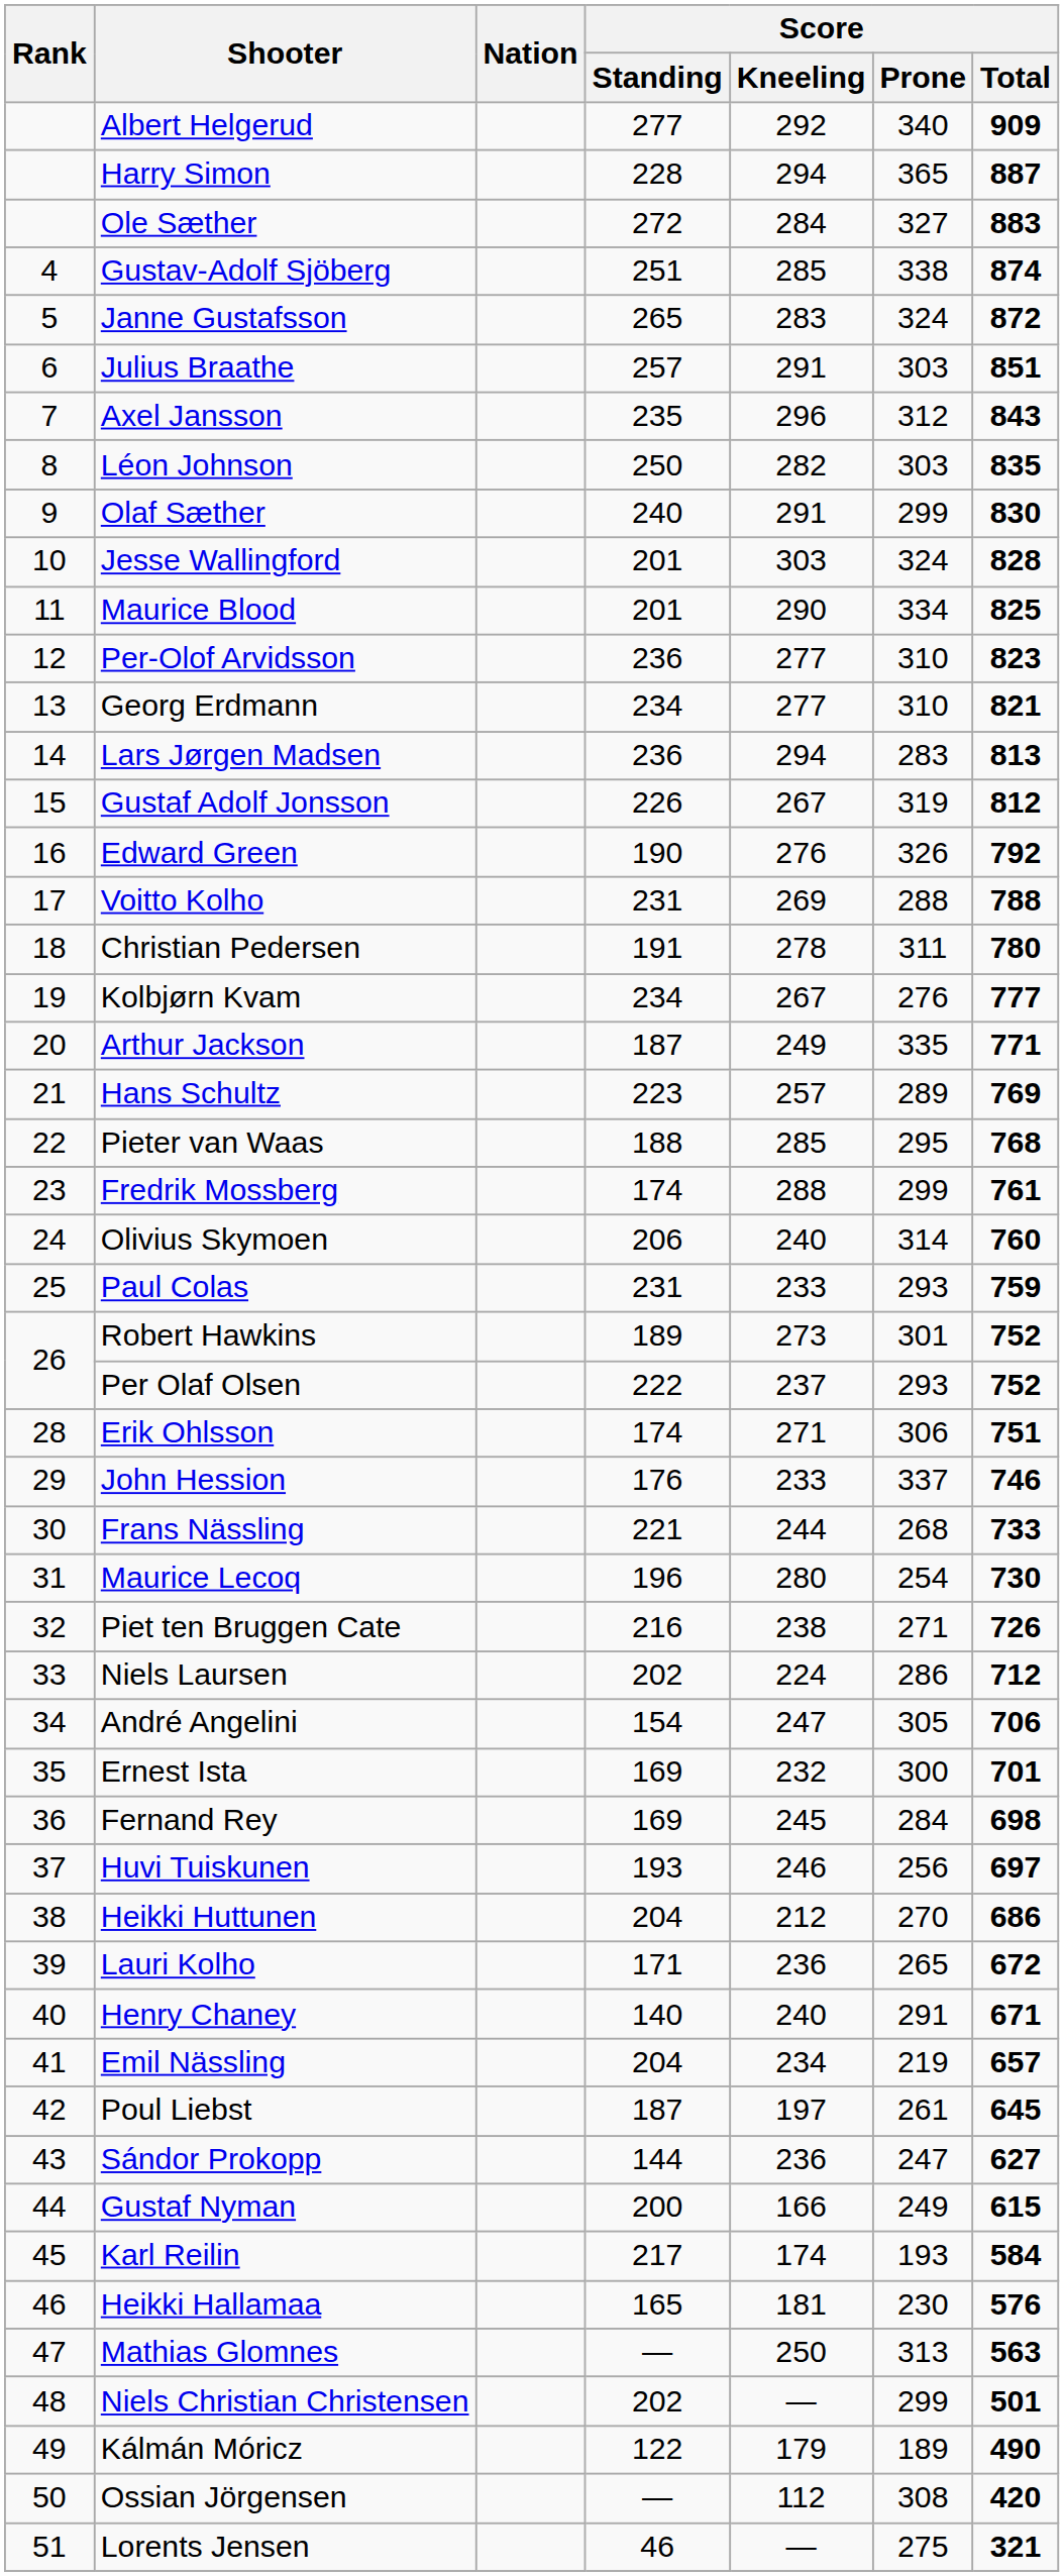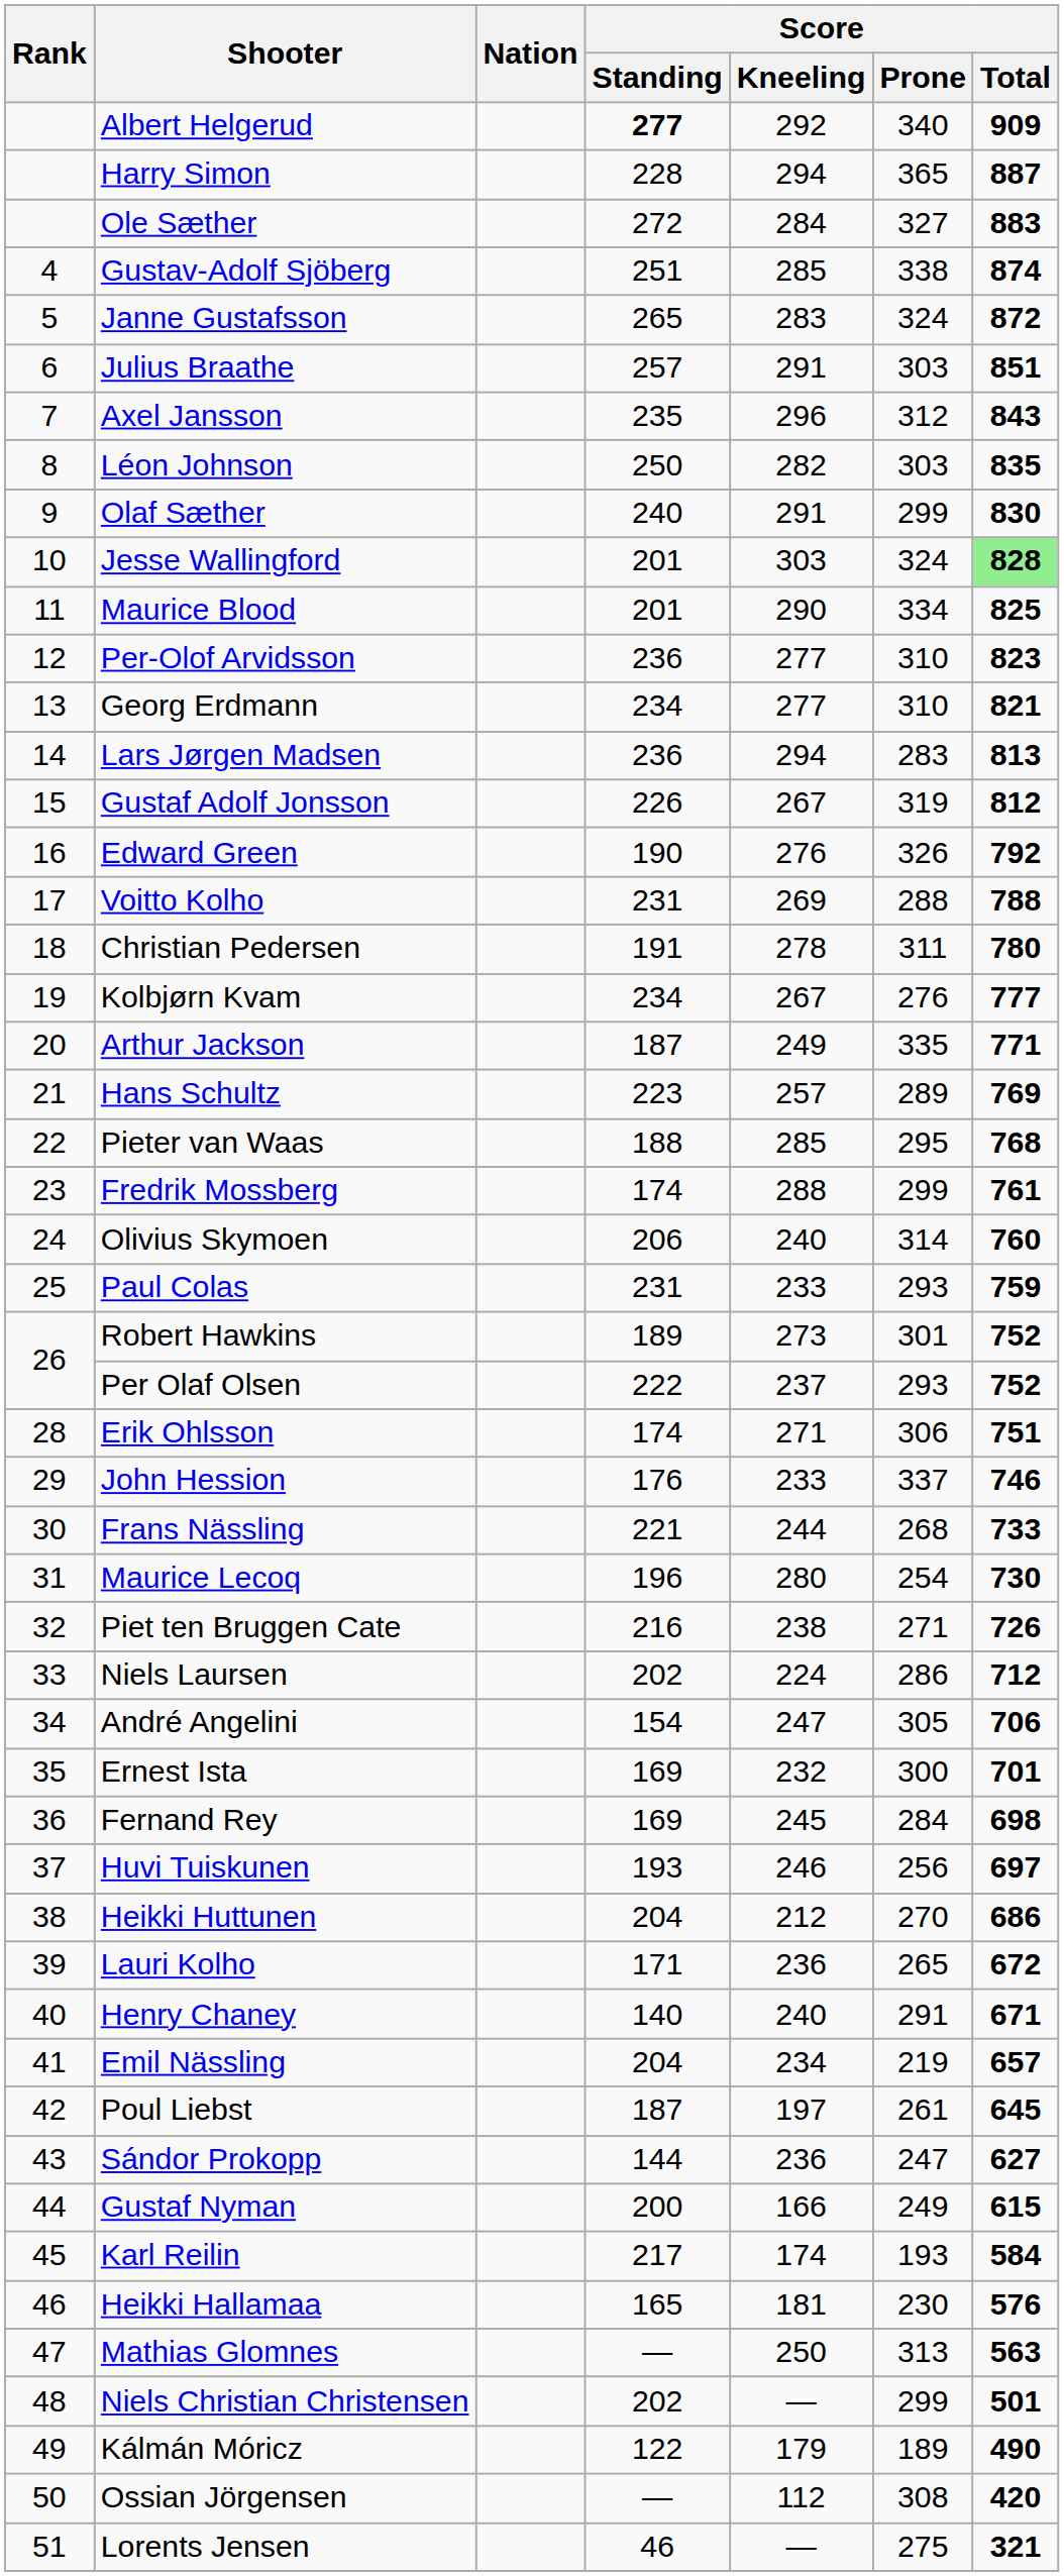 <table class="wikitable sortable" style="text-align:center">
 <tr>
 <th rowspan=2>Rank</th>
 <th rowspan=2>Shooter</th>
 <th rowspan=2>Nation</th>
 <th colspan=4>Score</th>
 </tr>
 <tr>
 <th>Standing</th>
 <th>Kneeling</th>
 <th>Prone</th>
 <th>Total</th>
 </tr>
 <tr>
 <td></td>
 <td align=left><a href='#'>Albert Helgerud</a></td>
 <td align=left></td>
-<td>277</td>
+<td><strong>277</strong></td>
 <td>292</td>
 <td>340</td>
 <td><strong>909</strong></td>
 </tr>
 <tr>
 <td></td>
 <td align=left><a href='#'>Harry Simon</a></td>
 <td align=left></td>
 <td>228</td>
 <td>294</td>
 <td>365</td>
 <td><strong>887</strong></td>
 </tr>
 <tr>
 <td></td>
 <td align=left><a href='#'>Ole Sæther</a></td>
 <td align=left></td>
 <td>272</td>
 <td>284</td>
 <td>327</td>
 <td><strong>883</strong></td>
 </tr>
 <tr>
 <td>4</td>
 <td align=left><a href='#'>Gustav-Adolf Sjöberg</a></td>
 <td align=left></td>
 <td>251</td>
 <td>285</td>
 <td>338</td>
 <td><strong>874</strong></td>
 </tr>
 <tr>
 <td>5</td>
 <td align=left><a href='#'>Janne Gustafsson</a></td>
 <td align=left></td>
 <td>265</td>
 <td>283</td>
 <td>324</td>
 <td><strong>872</strong></td>
 </tr>
 <tr>
 <td>6</td>
 <td align=left><a href='#'>Julius Braathe</a></td>
 <td align=left></td>
 <td>257</td>
 <td>291</td>
 <td>303</td>
 <td><strong>851</strong></td>
 </tr>
 <tr>
 <td>7</td>
 <td align=left><a href='#'>Axel Jansson</a></td>
 <td align=left></td>
 <td>235</td>
 <td>296</td>
 <td>312</td>
 <td><strong>843</strong></td>
 </tr>
 <tr>
 <td>8</td>
 <td align=left><a href='#'>Léon Johnson</a></td>
 <td align=left></td>
 <td>250</td>
 <td>282</td>
 <td>303</td>
 <td><strong>835</strong></td>
 </tr>
 <tr>
 <td>9</td>
 <td align=left><a href='#'>Olaf Sæther</a></td>
 <td align=left></td>
 <td>240</td>
 <td>291</td>
 <td>299</td>
 <td><strong>830</strong></td>
 </tr>
 <tr>
 <td>10</td>
 <td align=left><a href='#'>Jesse Wallingford</a></td>
 <td align=left></td>
 <td>201</td>
 <td>303</td>
 <td>324</td>
-<td><strong>828</strong></td>
+<td style="background: lightgreen;"><strong>828</strong></td>
 </tr>
 <tr>
 <td>11</td>
 <td align=left><a href='#'>Maurice Blood</a></td>
 <td align=left></td>
 <td>201</td>
 <td>290</td>
 <td>334</td>
 <td><strong>825</strong></td>
 </tr>
 <tr>
 <td>12</td>
 <td align=left><a href='#'>Per-Olof Arvidsson</a></td>
 <td align=left></td>
 <td>236</td>
 <td>277</td>
 <td>310</td>
 <td><strong>823</strong></td>
 </tr>
 <tr>
 <td>13</td>
 <td align=left>Georg Erdmann</td>
 <td align=left></td>
 <td>234</td>
 <td>277</td>
 <td>310</td>
 <td><strong>821</strong></td>
 </tr>
 <tr>
 <td>14</td>
 <td align=left><a href='#'>Lars Jørgen Madsen</a></td>
 <td align=left></td>
 <td>236</td>
 <td>294</td>
 <td>283</td>
 <td><strong>813</strong></td>
 </tr>
 <tr>
 <td>15</td>
 <td align=left><a href='#'>Gustaf Adolf Jonsson</a></td>
 <td align=left></td>
 <td>226</td>
 <td>267</td>
 <td>319</td>
 <td><strong>812</strong></td>
 </tr>
 <tr>
 <td>16</td>
 <td align=left><a href='#'>Edward Green</a></td>
 <td align=left></td>
 <td>190</td>
 <td>276</td>
 <td>326</td>
 <td><strong>792</strong></td>
 </tr>
 <tr>
 <td>17</td>
 <td align=left><a href='#'>Voitto Kolho</a></td>
 <td align=left></td>
 <td>231</td>
 <td>269</td>
 <td>288</td>
 <td><strong>788</strong></td>
 </tr>
 <tr>
 <td>18</td>
 <td align=left>Christian Pedersen</td>
 <td align=left></td>
 <td>191</td>
 <td>278</td>
 <td>311</td>
 <td><strong>780</strong></td>
 </tr>
 <tr>
 <td>19</td>
 <td align=left>Kolbjørn Kvam</td>
 <td align=left></td>
 <td>234</td>
 <td>267</td>
 <td>276</td>
 <td><strong>777</strong></td>
 </tr>
 <tr>
 <td>20</td>
 <td align=left><a href='#'>Arthur Jackson</a></td>
 <td align=left></td>
 <td>187</td>
 <td>249</td>
 <td>335</td>
 <td><strong>771</strong></td>
 </tr>
 <tr>
 <td>21</td>
 <td align=left><a href='#'>Hans Schultz</a></td>
 <td align=left></td>
 <td>223</td>
 <td>257</td>
 <td>289</td>
 <td><strong>769</strong></td>
 </tr>
 <tr>
 <td>22</td>
 <td align=left>Pieter van Waas</td>
 <td align=left></td>
 <td>188</td>
 <td>285</td>
 <td>295</td>
 <td><strong>768</strong></td>
 </tr>
 <tr>
 <td>23</td>
 <td align=left><a href='#'>Fredrik Mossberg</a></td>
 <td align=left></td>
 <td>174</td>
 <td>288</td>
 <td>299</td>
 <td><strong>761</strong></td>
 </tr>
 <tr>
 <td>24</td>
 <td align=left>Olivius Skymoen</td>
 <td align=left></td>
 <td>206</td>
 <td>240</td>
 <td>314</td>
 <td><strong>760</strong></td>
 </tr>
 <tr>
 <td>25</td>
 <td align=left><a href='#'>Paul Colas</a></td>
 <td align=left></td>
 <td>231</td>
 <td>233</td>
 <td>293</td>
 <td><strong>759</strong></td>
 </tr>
 <tr>
 <td rowspan=2>26</td>
 <td align=left>Robert Hawkins</td>
 <td align=left></td>
 <td>189</td>
 <td>273</td>
 <td>301</td>
 <td><strong>752</strong></td>
 </tr>
 <tr>
 <td align=left>Per Olaf Olsen</td>
 <td align=left></td>
 <td>222</td>
 <td>237</td>
 <td>293</td>
 <td><strong>752</strong></td>
 </tr>
 <tr>
 <td>28</td>
 <td align=left><a href='#'>Erik Ohlsson</a></td>
 <td align=left></td>
 <td>174</td>
 <td>271</td>
 <td>306</td>
 <td><strong>751</strong></td>
 </tr>
 <tr>
 <td>29</td>
 <td align=left><a href='#'>John Hession</a></td>
 <td align=left></td>
 <td>176</td>
 <td>233</td>
 <td>337</td>
 <td><strong>746</strong></td>
 </tr>
 <tr>
 <td>30</td>
 <td align=left><a href='#'>Frans Nässling</a></td>
 <td align=left></td>
 <td>221</td>
 <td>244</td>
 <td>268</td>
 <td><strong>733</strong></td>
 </tr>
 <tr>
 <td>31</td>
 <td align=left><a href='#'>Maurice Lecoq</a></td>
 <td align=left></td>
 <td>196</td>
 <td>280</td>
 <td>254</td>
 <td><strong>730</strong></td>
 </tr>
 <tr>
 <td>32</td>
 <td align=left>Piet ten Bruggen Cate</td>
 <td align=left></td>
 <td>216</td>
 <td>238</td>
 <td>271</td>
 <td><strong>726</strong></td>
 </tr>
 <tr>
 <td>33</td>
 <td align=left>Niels Laursen</td>
 <td align=left></td>
 <td>202</td>
 <td>224</td>
 <td>286</td>
 <td><strong>712</strong></td>
 </tr>
 <tr>
 <td>34</td>
 <td align=left>André Angelini</td>
 <td align=left></td>
 <td>154</td>
 <td>247</td>
 <td>305</td>
 <td><strong>706</strong></td>
 </tr>
 <tr>
 <td>35</td>
 <td align=left>Ernest Ista</td>
 <td align=left></td>
 <td>169</td>
 <td>232</td>
 <td>300</td>
 <td><strong>701</strong></td>
 </tr>
 <tr>
 <td>36</td>
 <td align=left>Fernand Rey</td>
 <td align=left></td>
 <td>169</td>
 <td>245</td>
 <td>284</td>
 <td><strong>698</strong></td>
 </tr>
 <tr>
 <td>37</td>
 <td align=left><a href='#'>Huvi Tuiskunen</a></td>
 <td align=left></td>
 <td>193</td>
 <td>246</td>
 <td>256</td>
 <td><strong>697</strong></td>
 </tr>
 <tr>
 <td>38</td>
 <td align=left><a href='#'>Heikki Huttunen</a></td>
 <td align=left></td>
 <td>204</td>
 <td>212</td>
 <td>270</td>
 <td><strong>686</strong></td>
 </tr>
 <tr>
 <td>39</td>
 <td align=left><a href='#'>Lauri Kolho</a></td>
 <td align=left></td>
 <td>171</td>
 <td>236</td>
 <td>265</td>
 <td><strong>672</strong></td>
 </tr>
 <tr>
 <td>40</td>
 <td align=left><a href='#'>Henry Chaney</a></td>
 <td align=left></td>
 <td>140</td>
 <td>240</td>
 <td>291</td>
 <td><strong>671</strong></td>
 </tr>
 <tr>
 <td>41</td>
 <td align=left><a href='#'>Emil Nässling</a></td>
 <td align=left></td>
 <td>204</td>
 <td>234</td>
 <td>219</td>
 <td><strong>657</strong></td>
 </tr>
 <tr>
 <td>42</td>
 <td align=left>Poul Liebst</td>
 <td align=left></td>
 <td>187</td>
 <td>197</td>
 <td>261</td>
 <td><strong>645</strong></td>
 </tr>
 <tr>
 <td>43</td>
 <td align=left><a href='#'>Sándor Prokopp</a></td>
 <td align=left></td>
 <td>144</td>
 <td>236</td>
 <td>247</td>
 <td><strong>627</strong></td>
 </tr>
 <tr>
 <td>44</td>
 <td align=left><a href='#'>Gustaf Nyman</a></td>
 <td align=left></td>
 <td>200</td>
 <td>166</td>
 <td>249</td>
 <td><strong>615</strong></td>
 </tr>
 <tr>
 <td>45</td>
 <td align=left><a href='#'>Karl Reilin</a></td>
 <td align=left></td>
 <td>217</td>
 <td>174</td>
 <td>193</td>
 <td><strong>584</strong></td>
 </tr>
 <tr>
 <td>46</td>
 <td align=left><a href='#'>Heikki Hallamaa</a></td>
 <td align=left></td>
 <td>165</td>
 <td>181</td>
 <td>230</td>
 <td><strong>576</strong></td>
 </tr>
 <tr>
 <td>47</td>
 <td align=left><a href='#'>Mathias Glomnes</a></td>
 <td align=left></td>
 <td>—</td>
 <td>250</td>
 <td>313</td>
 <td><strong>563</strong></td>
 </tr>
 <tr>
 <td>48</td>
 <td align=left><a href='#'>Niels Christian Christensen</a></td>
 <td align=left></td>
 <td>202</td>
 <td>—</td>
 <td>299</td>
 <td><strong>501</strong></td>
 </tr>
 <tr>
 <td>49</td>
 <td align=left>Kálmán Móricz</td>
 <td align=left></td>
 <td>122</td>
 <td>179</td>
 <td>189</td>
 <td><strong>490</strong></td>
 </tr>
 <tr>
 <td>50</td>
 <td align=left>Ossian Jörgensen</td>
 <td align=left></td>
 <td>—</td>
 <td>112</td>
 <td>308</td>
 <td><strong>420</strong></td>
 </tr>
 <tr>
 <td>51</td>
 <td align=left>Lorents Jensen</td>
 <td align=left></td>
 <td>46</td>
 <td>—</td>
 <td>275</td>
 <td><strong>321</strong></td>
 </tr>
 </table>
